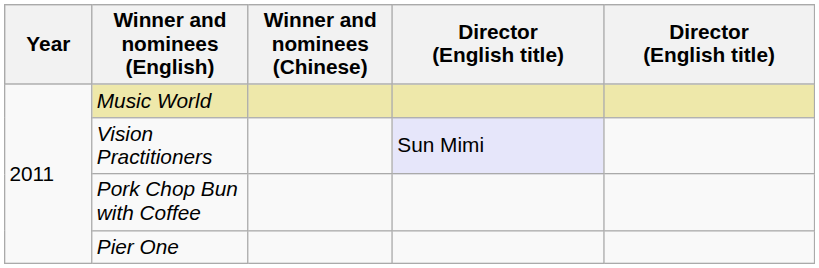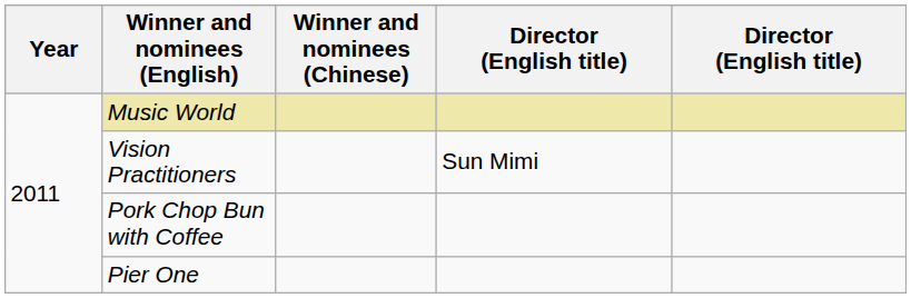 <table class="wikitable" style="width:100%;">
 <tr style="background:#bebebe">
 <th width="100"><strong>Year</strong></th>
 <th width="150"><strong>Winner and nominees<br>(English)</strong></th>
 <th width="150"><strong>Winner and nominees<br>(Chinese)</strong></th>
 <th width="300"><strong>Director<br>(English title)</strong></th>
 <th width="300"><strong>Director<br>(English title)</strong></th>
 </tr>
 <tr>
 <td rowspan="4">2011</td>
 <td style="background:#EEE8AA;"><em>Music World</em></td>
 <td style="background:#EEE8AA;"></td>
 <td style="background:#EEE8AA;"></td>
 <td style="background:#EEE8AA;"></td>
 </tr>
 <tr>
 <td><em>Vision Practitioners</em></td>
 <td></td>
-<td style="background: lavender;">Sun Mimi</td>
+<td>Sun Mimi</td>
 <td></td>
 </tr>
 <tr>
 <td><em>Pork Chop Bun with Coffee</em></td>
 <td></td>
 <td></td>
 <td></td>
 </tr>
 <tr>
 <td><em>Pier One</em></td>
 <td></td>
 <td></td>
 <td></td>
 </tr>
 </table>
